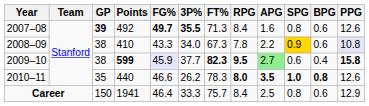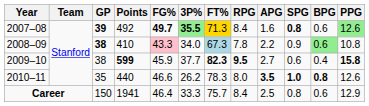 <table class="wikitable sortable">
 <tr>
 <th>Year</th>
 <th>Team</th>
 <th>GP</th>
 <th>Points</th>
 <th>FG%</th>
 <th>3P%</th>
 <th>FT%</th>
 <th>RPG</th>
 <th>APG</th>
 <th>SPG</th>
 <th>BPG</th>
 <th>PPG</th>
 </tr>
 <tr>
 <td>2007–08</td>
 <td rowspan=4><a href='#'>Stanford</a></td>
 <td><strong>39</strong></td>
 <td>492</td>
 <td><strong>49.7</strong></td>
-<td><strong>35.5</strong></td>
-<td>71.3</td>
+<td style="background: lightgreen;"><strong>35.5</strong></td>
+<td style="background: gold;">71.3</td>
 <td>8.4</td>
 <td>1.6</td>
-<td>0.8</td>
+<td><strong>0.8</strong></td>
 <td>0.6</td>
-<td>12.6</td>
+<td style="background: lightgreen;">12.6</td>
 </tr>
 <tr>
 <td>2008–09</td>
-<td>38</td>
+<td><strong>38</strong></td>
 <td>410</td>
-<td>43.3</td>
+<td style="background: pink;">43.3</td>
 <td>34.0</td>
-<td>67.3</td>
+<td style="background: lightblue;">67.3</td>
 <td>7.8</td>
 <td>2.2</td>
-<td style="background: gold;">0.9</td>
-<td>0.6</td>
-<td style="background: lavender;">10.8</td>
+<td>0.9</td>
+<td style="background: lightgreen;">0.6</td>
+<td>10.8</td>
 </tr>
 <tr>
 <td>2009–10</td>
 <td>38</td>
 <td><strong>599</strong></td>
-<td style="background: lavender;">45.9</td>
+<td>45.9</td>
 <td>37.7</td>
 <td><strong>82.3</strong></td>
 <td><strong>9.5</strong></td>
-<td style="background: lightgreen;">2.7</td>
+<td>2.7</td>
 <td>0.6</td>
 <td>0.4</td>
 <td><strong>15.8</strong></td>
 </tr>
 <tr>
 <td>2010–11</td>
 <td>35</td>
 <td>440</td>
 <td>46.6</td>
 <td>26.2</td>
 <td>78.3</td>
-<td><strong>8.0</strong></td>
+<td>8.0</td>
 <td><strong>3.5</strong></td>
 <td><strong>1.0</strong></td>
 <td><strong>0.8</strong></td>
 <td>12.6</td>
 </tr>
 <tr class="sortbottom">
 <td colspan=2 align=center><strong>Career</strong></td>
 <td>150</td>
 <td>1941</td>
 <td>46.4</td>
 <td>33.3</td>
 <td>75.7</td>
 <td>8.4</td>
 <td>2.5</td>
 <td>0.8</td>
 <td>0.6</td>
 <td>12.9</td>
 </tr>
 </table>
